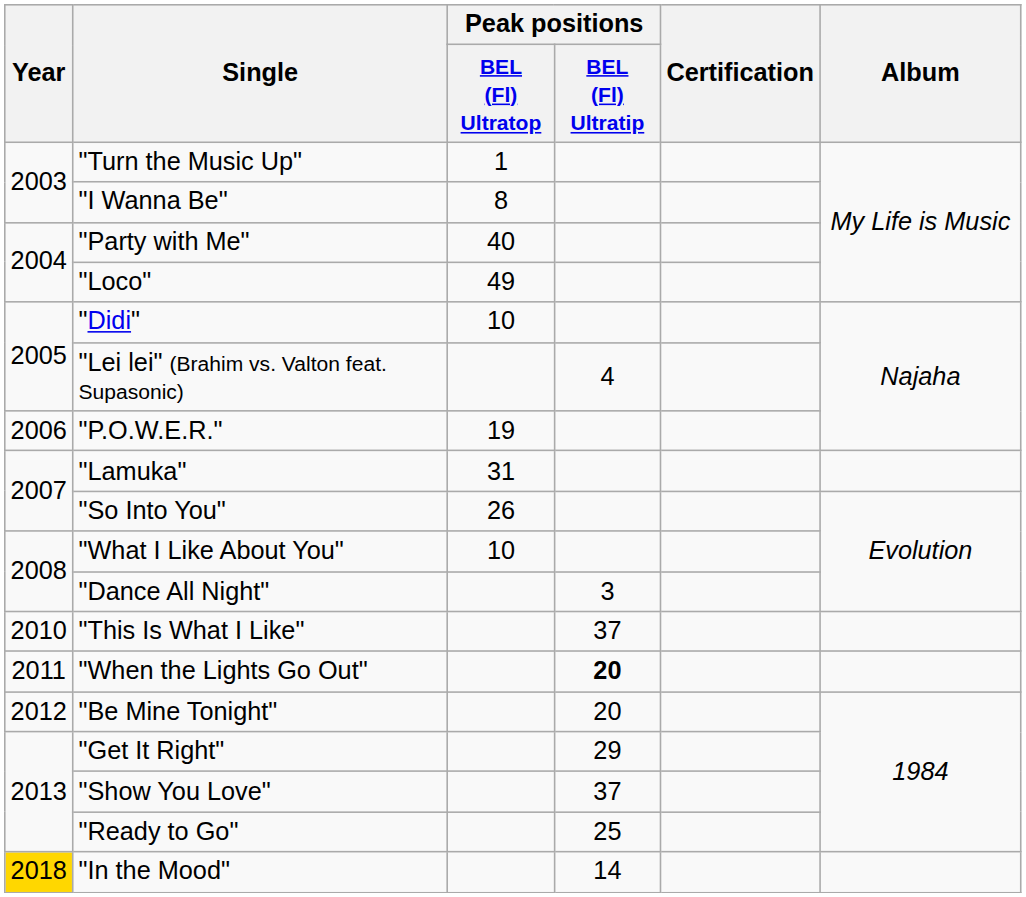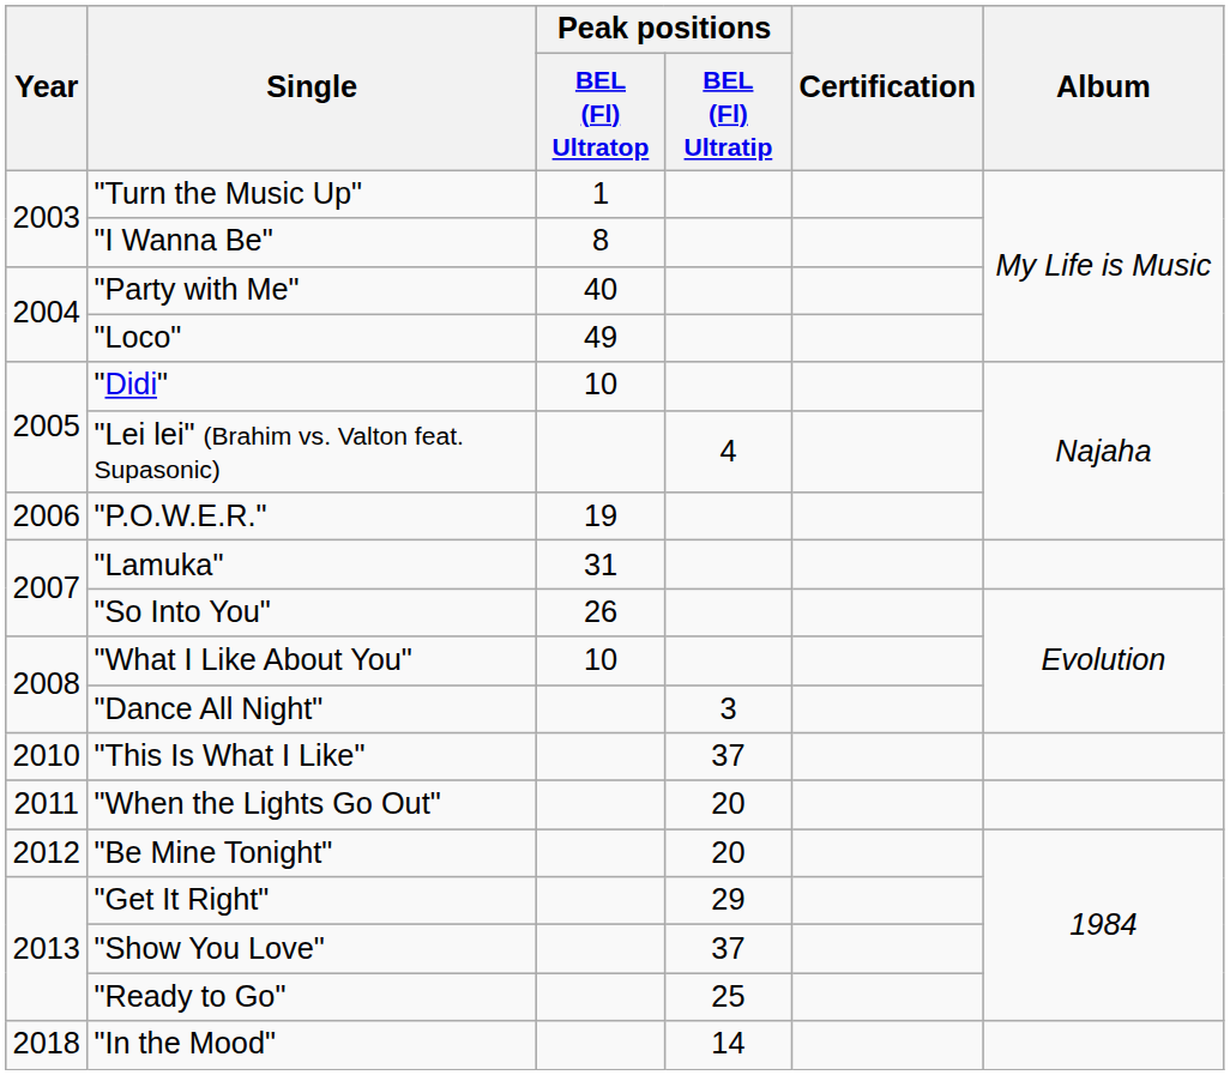 <table class="wikitable">
 <tr>
 <th align="center" rowspan="2" width="10">Year</th>
 <th align="center" rowspan="2" width="230">Single</th>
 <th align="center" colspan="2" width="30">Peak positions</th>
 <th align="center" rowspan="2" width="50">Certification</th>
 <th align="center" rowspan="2" width="120">Album</th>
 </tr>
 <tr>
 <th width="60"><small><a href='#'>BEL <br>(Fl)<br>Ultratop</a><br></small></th>
 <th width="60"><small><a href='#'>BEL <br>(Fl)<br>Ultratip</a><br></small></th>
 </tr>
 <tr>
 <td align="center" rowspan="2">2003</td>
 <td>"Turn the Music Up"</td>
 <td align="center">1</td>
 <td align="center"></td>
 <td align="center"></td>
 <td align="center" rowspan="4"><em>My Life is Music</em></td>
 </tr>
 <tr>
 <td>"I Wanna Be"</td>
 <td align="center">8</td>
 <td align="center"></td>
 <td align="center"></td>
 </tr>
 <tr>
 <td align="center" rowspan="2">2004</td>
 <td>"Party with Me"</td>
 <td align="center">40</td>
 <td align="center"></td>
 <td align="center"></td>
 </tr>
 <tr>
 <td>"Loco"</td>
 <td align="center">49</td>
 <td align="center"></td>
 <td align="center"></td>
 </tr>
 <tr>
 <td align="center" rowspan="2">2005</td>
 <td>"<a href='#'>Didi</a>"</td>
 <td align="center">10</td>
 <td align="center"></td>
 <td align="center"></td>
 <td align="center" rowspan="3"><em>Najaha</em></td>
 </tr>
 <tr>
 <td>"Lei lei" <small>(Brahim vs. Valton feat. Supasonic)</small></td>
 <td align="center"></td>
 <td align="center">4</td>
 <td align="center"></td>
 </tr>
 <tr>
 <td align="center">2006</td>
 <td>"P.O.W.E.R."</td>
 <td align="center">19</td>
 <td align="center"></td>
 <td align="center"></td>
 </tr>
 <tr>
 <td align="center" rowspan="2">2007</td>
 <td>"Lamuka"</td>
 <td align="center">31</td>
 <td align="center"></td>
 <td align="center"></td>
 <td align="center"></td>
 </tr>
 <tr>
 <td>"So Into You"</td>
 <td align="center">26</td>
 <td align="center"></td>
 <td align="center"></td>
 <td align="center" rowspan="3"><em>Evolution</em></td>
 </tr>
 <tr>
 <td align="center" rowspan="2">2008</td>
 <td>"What I Like About You"</td>
 <td align="center">10</td>
 <td align="center"></td>
 <td align="center"></td>
 </tr>
 <tr>
 <td>"Dance All Night"</td>
 <td align="center"></td>
 <td align="center">3</td>
 <td align="center"></td>
 </tr>
 <tr>
 <td align="center">2010</td>
 <td>"This Is What I Like"</td>
 <td align="center"></td>
 <td align="center">37</td>
 <td align="center"></td>
 <td align="center"></td>
 </tr>
 <tr>
 <td align="center">2011</td>
 <td>"When the Lights Go Out"</td>
 <td align="center"></td>
-<td align="center"><strong>20</strong></td>
+<td align="center">20</td>
 <td align="center"></td>
 <td align="center"></td>
 </tr>
 <tr>
 <td align="center">2012</td>
 <td>"Be Mine Tonight"</td>
 <td align="center"></td>
 <td align="center">20</td>
 <td align="center"></td>
 <td align="center" rowspan="4"><em>1984</em></td>
 </tr>
 <tr>
 <td align="center" rowspan="3">2013</td>
 <td>"Get It Right"</td>
 <td align="center"></td>
 <td align="center">29</td>
 <td align="center"></td>
 </tr>
 <tr>
 <td>"Show You Love"</td>
 <td align="center"></td>
 <td align="center">37</td>
 <td align="center"></td>
 </tr>
 <tr>
 <td>"Ready to Go"</td>
 <td align="center"></td>
 <td align="center">25</td>
 <td align="center"></td>
 </tr>
 <tr>
-<td align="center" style="background: gold;">2018</td>
+<td align="center">2018</td>
 <td>"In the Mood"</td>
 <td align="center"></td>
 <td align="center">14</td>
 <td align="center"></td>
 <td align="center"></td>
 </tr>
 </table>
